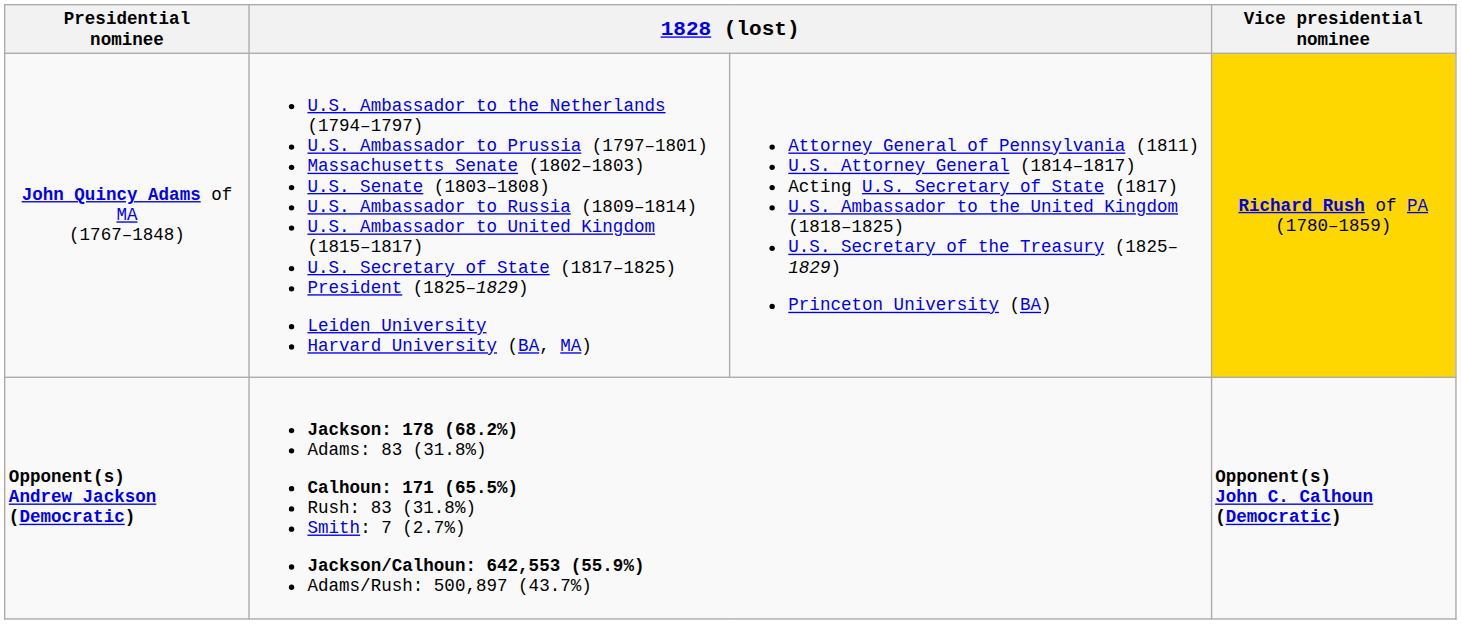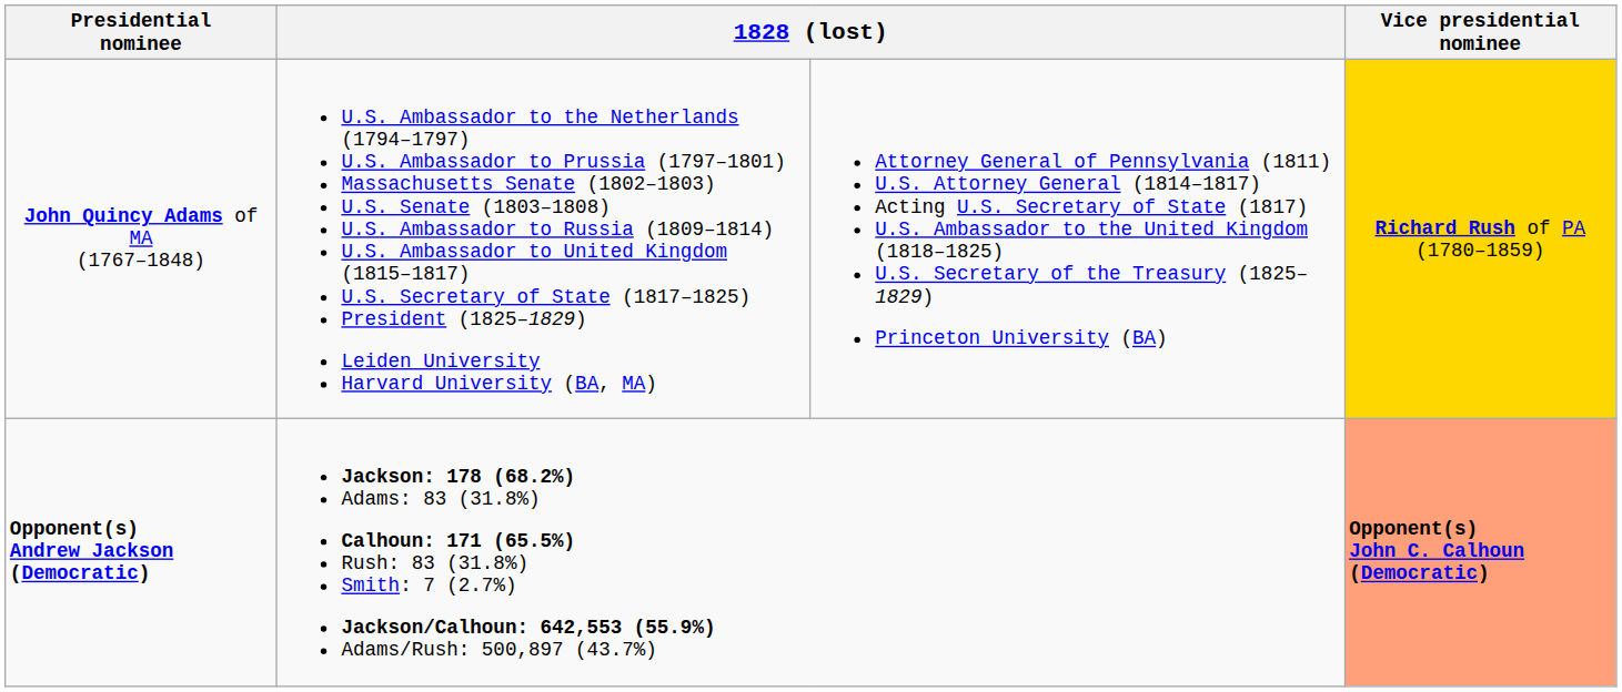 <table class="wikitable">
 <tr>
 <th width=175>Presidential<br>nominee</th>
 <th colspan=2><big><a href='#'>1828</a> (lost)</big></th>
 <th width=175>Vice presidential<br>nominee</th>
 </tr>
 <tr>
 <td style="text-align:center;"><strong><a href='#'>John Quincy Adams</a></strong> of <a href='#'>MA</a><br>(1767–1848)<br></td>
 <td width=350><br><ul><li><a href='#'>U.S. Ambassador to the Netherlands</a> (1794–1797)</li><li><a href='#'>U.S. Ambassador to Prussia</a> (1797–1801)</li><li><a href='#'>Massachusetts Senate</a> (1802–1803)</li><li><a href='#'>U.S. Senate</a> (1803–1808)</li><li><a href='#'>U.S. Ambassador to Russia</a> (1809–1814)</li><li><a href='#'>U.S. Ambassador to United Kingdom</a> (1815–1817)</li><li><a href='#'>U.S. Secretary of State</a> (1817–1825)</li><li><a href='#'>President</a> (1825–<em>1829</em>)</li></ul><ul><li><a href='#'>Leiden University</a></li><li><a href='#'>Harvard University</a> (<a href='#'>BA</a>, <a href='#'>MA</a>)</li></ul></td>
 <td width=350><br><ul><li><a href='#'>Attorney General of Pennsylvania</a> (1811)</li><li><a href='#'>U.S. Attorney General</a> (1814–1817)</li><li>Acting <a href='#'>U.S. Secretary of State</a> (1817)</li><li><a href='#'>U.S. Ambassador to the United Kingdom</a> (1818–1825)</li><li><a href='#'>U.S. Secretary of the Treasury</a> (1825–<em>1829</em>)</li></ul><ul><li><a href='#'>Princeton University</a> (<a href='#'>BA</a>)</li></ul></td>
 <td style="background: gold; text-align:center;"><strong><a href='#'>Richard Rush</a></strong> of <a href='#'>PA</a><br>(1780–1859)<br></td>
 </tr>
 <tr>
 <td><strong>Opponent(s)</strong><br><strong><a href='#'>Andrew Jackson</a> (<a href='#'>Democratic</a>)</strong></td>
 <td colspan=2><br><ul><li><strong>Jackson: 178 (68.2%)</strong></li><li>Adams: 83 (31.8%)</li></ul><ul><li><strong>Calhoun: 171 (65.5%)</strong></li><li>Rush: 83 (31.8%)</li><li><a href='#'>Smith</a>: 7 (2.7%)</li></ul><ul><li><strong>Jackson/Calhoun: 642,553 (55.9%)</strong></li><li>Adams/Rush: 500,897 (43.7%)</li></ul></td>
-<td><strong>Opponent(s)</strong><br><strong><a href='#'>John C. Calhoun</a> (<a href='#'>Democratic</a>)</strong></td>
+<td style="background: lightsalmon;"><strong>Opponent(s)</strong><br><strong><a href='#'>John C. Calhoun</a> (<a href='#'>Democratic</a>)</strong></td>
 </tr>
 </table>
